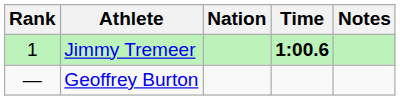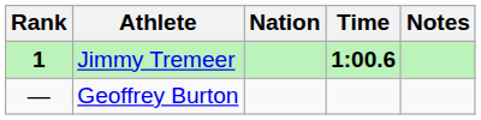 <table class="wikitable sortable" style="text-align:center">
 <tr>
 <th>Rank</th>
 <th>Athlete</th>
 <th>Nation</th>
 <th>Time</th>
 <th>Notes</th>
 </tr>
 <tr bgcolor=bbf3bb>
-<td>1</td>
+<td><strong>1</strong></td>
 <td align=left><a href='#'>Jimmy Tremeer</a></td>
 <td align=left></td>
 <td data-sort-value=60.6><strong>1:00.6</strong></td>
 <td></td>
 </tr>
 <tr>
 <td data-sort-value=2>—</td>
 <td align=left><a href='#'>Geoffrey Burton</a></td>
 <td align=left></td>
 <td data-sort-value=99.9></td>
 </tr>
 </table>
